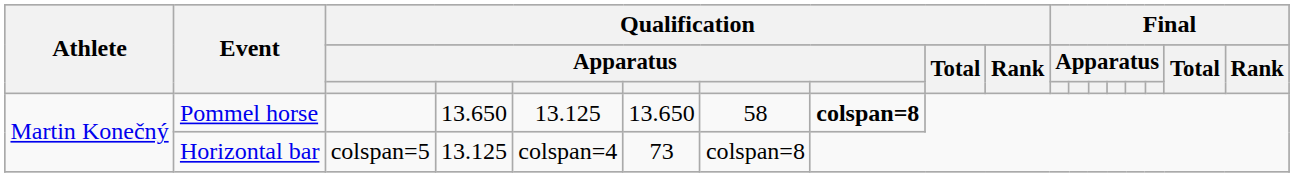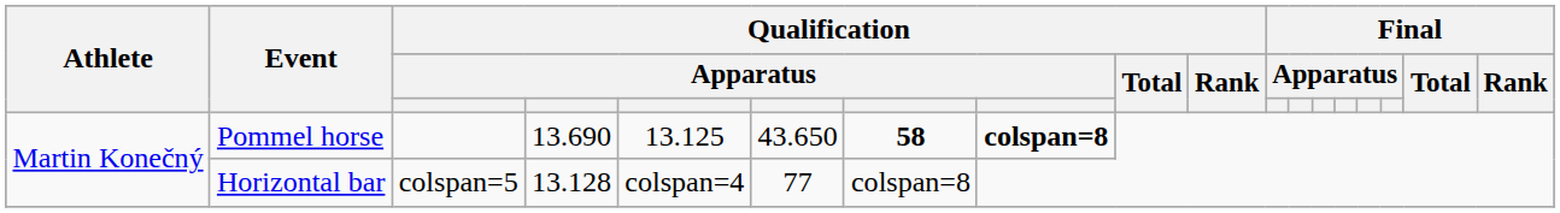 <table class="wikitable" style="font-size:90%">
 <tr>
 <th rowspan=3>Athlete</th>
 <th rowspan=3>Event</th>
 <th colspan =8>Qualification</th>
 <th colspan =8>Final</th>
 </tr>
 <tr style="font-size:95%">
 <th colspan=6>Apparatus</th>
 <th rowspan=2>Total</th>
 <th rowspan=2>Rank</th>
 <th colspan=6>Apparatus</th>
 <th rowspan=2>Total</th>
 <th rowspan=2>Rank</th>
 </tr>
 <tr style="font-size:95%">
 <th></th>
 <th></th>
 <th></th>
 <th></th>
 <th></th>
 <th></th>
 <th></th>
 <th></th>
 <th></th>
 <th></th>
 <th></th>
 <th></th>
 </tr>
 <tr align=center>
 <td align=left rowspan=2><a href='#'>Martin Konečný</a></td>
 <td align=left><a href='#'>Pommel horse</a></td>
 <td></td>
-<td>13.650</td>
+<td>13.690</td>
 <td>13.125</td>
-<td>13.650</td>
-<td>58</td>
+<td>43.650</td>
+<td><strong>58</strong></td>
 <td><strong>colspan=8 </strong></td>
 </tr>
 <tr align=center>
 <td align=left><a href='#'>Horizontal bar</a></td>
 <td>colspan=5 </td>
-<td>13.125</td>
+<td>13.128</td>
 <td>colspan=4 </td>
-<td>73</td>
+<td>77</td>
 <td>colspan=8 </td>
 </tr>
 </table>
